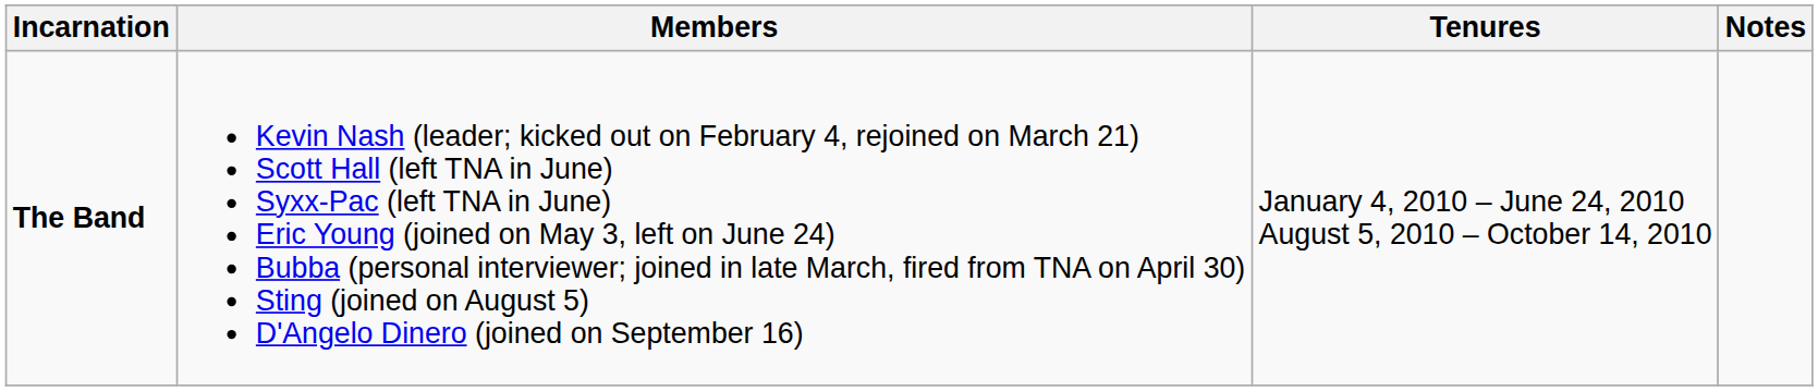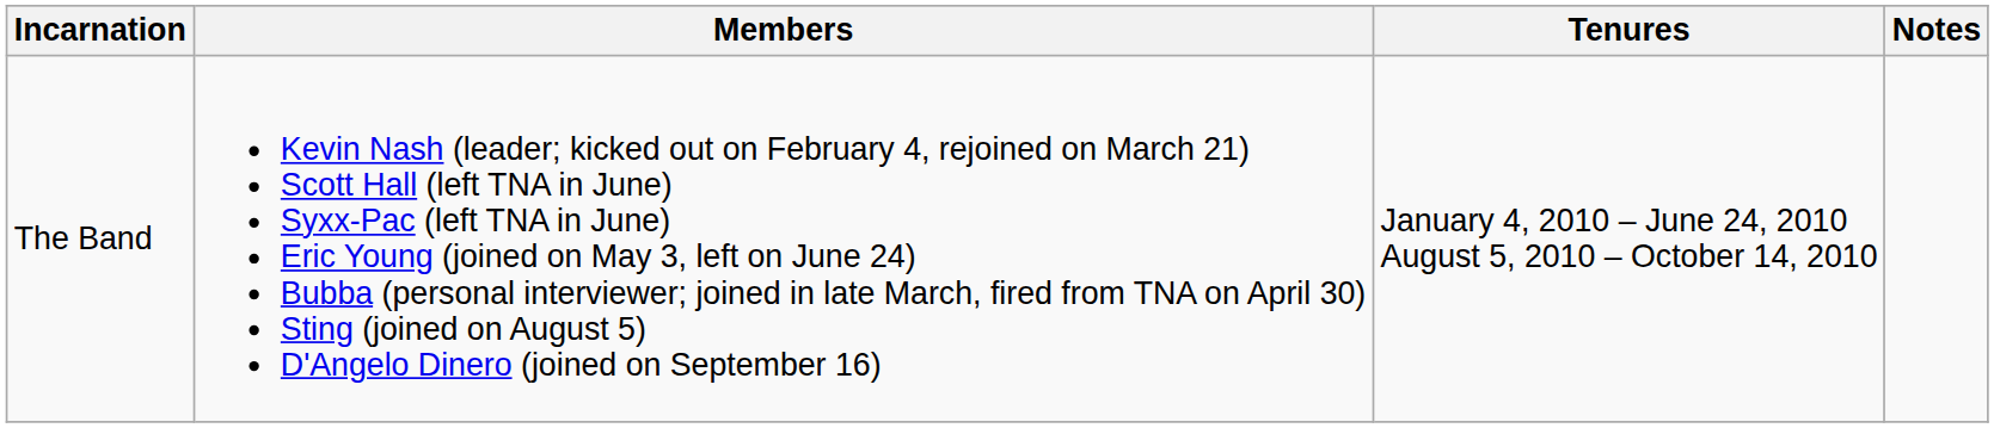 <table class=wikitable style="font-size:100%; margin: 0.5em 0 0.5em 1em;">
 <tr>
 <th>Incarnation</th>
 <th>Members</th>
 <th>Tenures</th>
 <th>Notes</th>
 </tr>
 <tr>
-<td><strong>The Band</strong></td>
+<td>The Band</td>
 <td><br><ul><li><a href='#'>Kevin Nash</a> (leader; kicked out on February 4, rejoined on March 21)</li><li><a href='#'>Scott Hall</a> (left TNA in June)</li><li><a href='#'>Syxx-Pac</a> (left TNA in June)</li><li><a href='#'>Eric Young</a> (joined on May 3, left on June 24)</li><li><a href='#'>Bubba</a> (personal interviewer; joined in late March, fired from TNA on April 30)</li><li><a href='#'>Sting</a> (joined on August 5)</li><li><a href='#'>D'Angelo Dinero</a> (joined on September 16)</li></ul></td>
 <td>January 4, 2010 – June 24, 2010<br>August 5, 2010 – October 14, 2010</td>
 </tr>
 </table>
